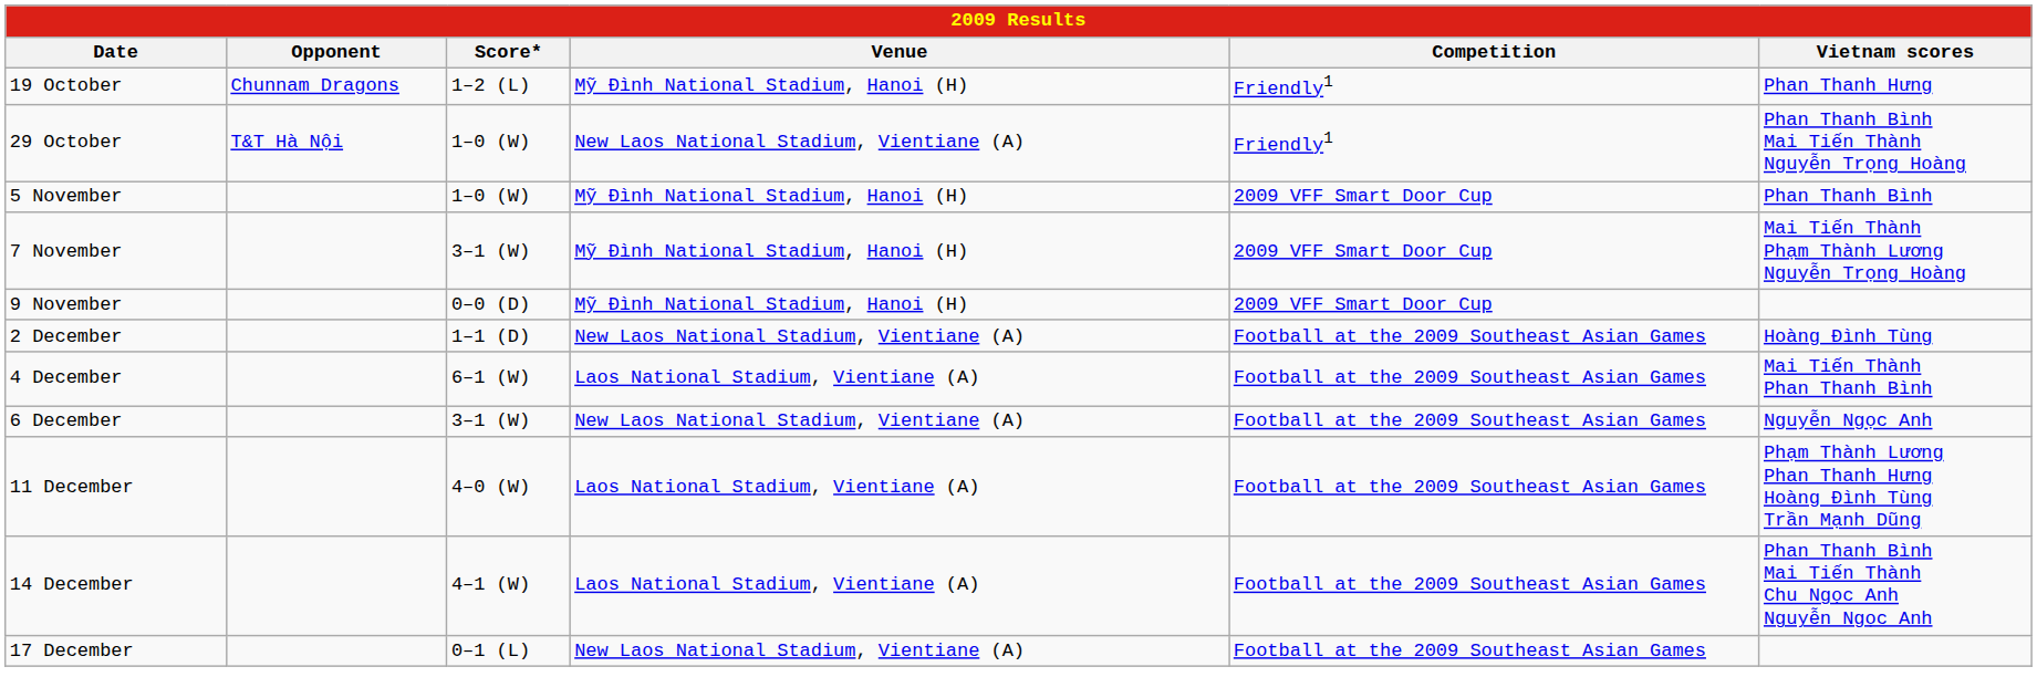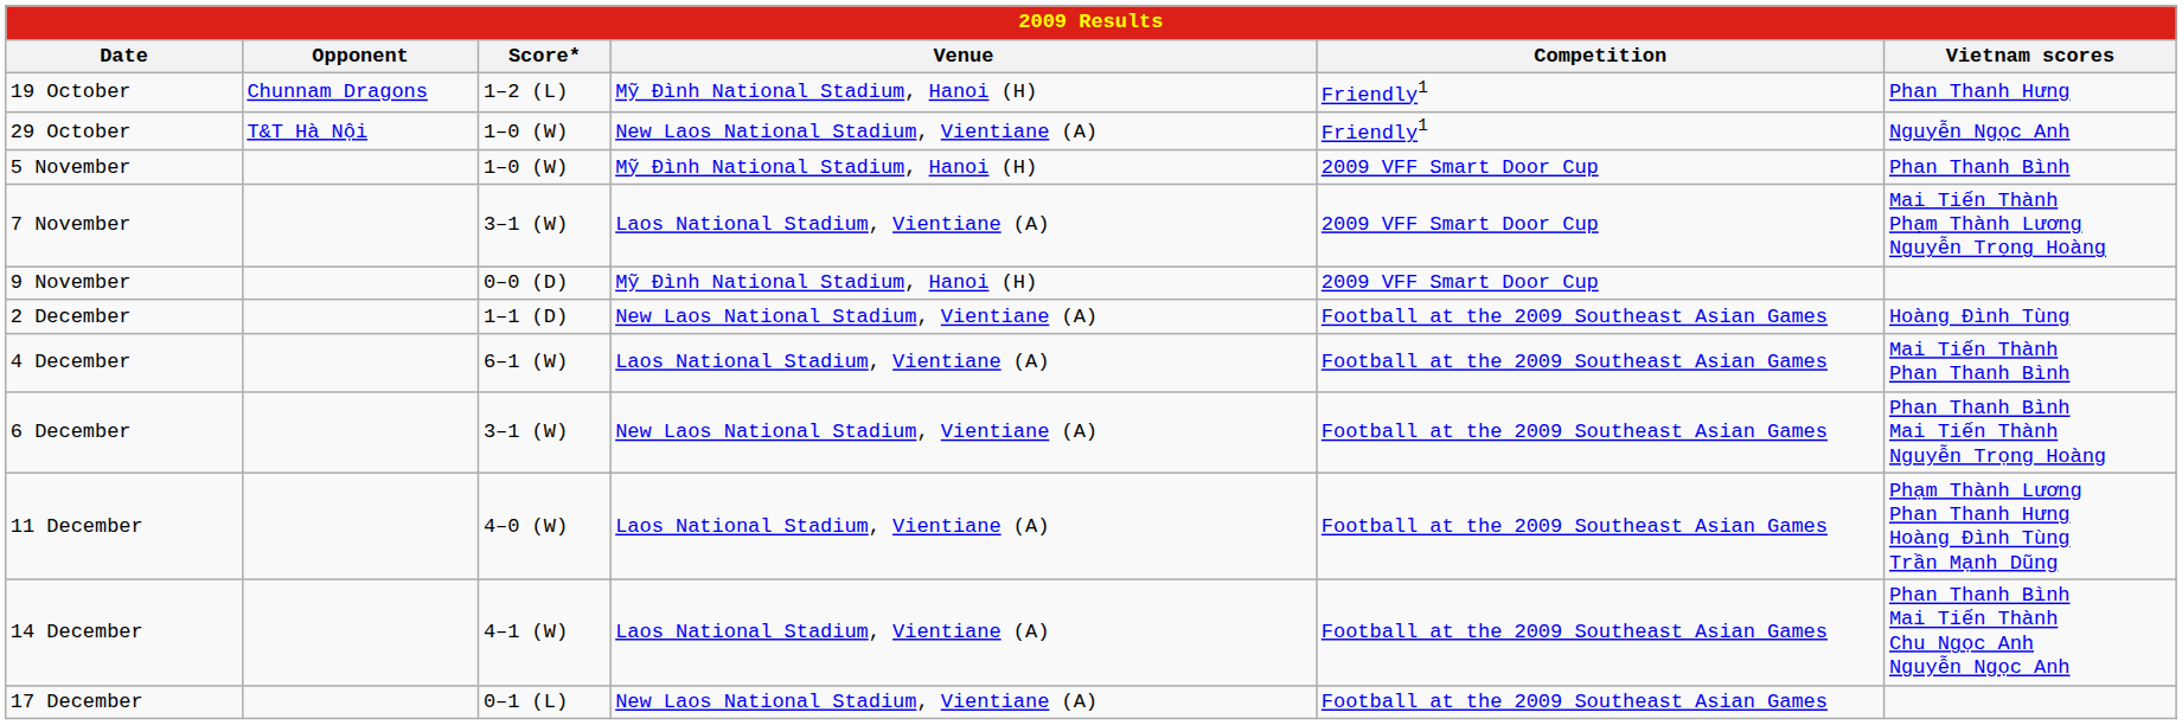 <table class="wikitable" width=100% style="text-align:left;font-size:90%;">
 <tr>
 <th colspan=9 style="background: #DB2017; color: #FFFF00;">2009 Results</th>
 </tr>
 <tr>
 <th width=80>Date</th>
 <th width=80>Opponent</th>
 <th width=20>Score*</th>
 <th width=250>Venue</th>
 <th width=200>Competition</th>
 <th width=100>Vietnam scores</th>
 </tr>
 <tr>
 <td>19 October</td>
 <td> <a href='#'>Chunnam Dragons</a></td>
 <td>1–2 (L)</td>
 <td><a href='#'>Mỹ Đình National Stadium</a>, <a href='#'>Hanoi</a> (H)</td>
 <td><a href='#'>Friendly</a><sup>1</sup></td>
 <td><a href='#'>Phan Thanh Hưng</a> </td>
 </tr>
 <tr>
 <td>29 October</td>
 <td> <a href='#'>T&T Hà Nội</a></td>
 <td>1–0 (W)</td>
 <td><a href='#'>New Laos National Stadium</a>, <a href='#'>Vientiane</a> (A)</td>
 <td><a href='#'>Friendly</a><sup>1</sup></td>
-<td><a href='#'>Phan Thanh Bình</a> <br><a href='#'>Mai Tiến Thành</a> <br><a href='#'>Nguyễn Trọng Hoàng</a> </td>
+<td><a href='#'>Nguyễn Ngọc Anh</a> </td>
 </tr>
 <tr>
 <td>5 November</td>
 <td></td>
 <td>1–0 (W)</td>
 <td><a href='#'>Mỹ Đình National Stadium</a>, <a href='#'>Hanoi</a> (H)</td>
 <td><a href='#'>2009 VFF Smart Door Cup</a></td>
 <td><a href='#'>Phan Thanh Bình</a> </td>
 </tr>
 <tr>
 <td>7 November</td>
 <td></td>
 <td>3–1 (W)</td>
-<td><a href='#'>Mỹ Đình National Stadium</a>, <a href='#'>Hanoi</a> (H)</td>
+<td><a href='#'>Laos National Stadium</a>, <a href='#'>Vientiane</a> (A)</td>
 <td><a href='#'>2009 VFF Smart Door Cup</a></td>
 <td><a href='#'>Mai Tiến Thành</a> <br><a href='#'>Phạm Thành Lương</a> <br><a href='#'>Nguyễn Trọng Hoàng</a> </td>
 </tr>
 <tr>
 <td>9 November</td>
 <td></td>
 <td>0–0 (D)</td>
 <td><a href='#'>Mỹ Đình National Stadium</a>, <a href='#'>Hanoi</a> (H)</td>
 <td><a href='#'>2009 VFF Smart Door Cup</a></td>
 <td></td>
 </tr>
 <tr>
 <td>2 December</td>
 <td></td>
 <td>1–1 (D)</td>
 <td><a href='#'>New Laos National Stadium</a>, <a href='#'>Vientiane</a> (A)</td>
 <td><a href='#'>Football at the 2009 Southeast Asian Games</a></td>
 <td><a href='#'>Hoàng Đình Tùng</a> </td>
 </tr>
 <tr>
 <td>4 December</td>
 <td></td>
 <td>6–1 (W)</td>
 <td><a href='#'>Laos National Stadium</a>, <a href='#'>Vientiane</a> (A)</td>
 <td><a href='#'>Football at the 2009 Southeast Asian Games</a></td>
 <td><a href='#'>Mai Tiến Thành</a> <br><a href='#'>Phan Thanh Bình</a> </td>
 </tr>
 <tr>
 <td>6 December</td>
 <td></td>
 <td>3–1 (W)</td>
 <td><a href='#'>New Laos National Stadium</a>, <a href='#'>Vientiane</a> (A)</td>
 <td><a href='#'>Football at the 2009 Southeast Asian Games</a></td>
-<td><a href='#'>Nguyễn Ngọc Anh</a> </td>
+<td><a href='#'>Phan Thanh Bình</a> <br><a href='#'>Mai Tiến Thành</a> <br><a href='#'>Nguyễn Trọng Hoàng</a> </td>
 </tr>
 <tr>
 <td>11 December</td>
 <td></td>
 <td>4–0 (W)</td>
 <td><a href='#'>Laos National Stadium</a>, <a href='#'>Vientiane</a> (A)</td>
 <td><a href='#'>Football at the 2009 Southeast Asian Games</a></td>
 <td><a href='#'>Phạm Thành Lương</a> <br><a href='#'>Phan Thanh Hưng</a> <br><a href='#'>Hoàng Đình Tùng</a> <br><a href='#'>Trần Mạnh Dũng</a> </td>
 </tr>
 <tr>
 <td>14 December</td>
 <td></td>
 <td>4–1 (W)</td>
 <td><a href='#'>Laos National Stadium</a>, <a href='#'>Vientiane</a> (A)</td>
 <td><a href='#'>Football at the 2009 Southeast Asian Games</a></td>
 <td><a href='#'>Phan Thanh Bình</a> <br><a href='#'>Mai Tiến Thành</a> <br><a href='#'>Chu Ngọc Anh</a> <br><a href='#'>Nguyễn Ngọc Anh</a> </td>
 </tr>
 <tr>
 <td>17 December</td>
 <td></td>
 <td>0–1 (L)</td>
 <td><a href='#'>New Laos National Stadium</a>, <a href='#'>Vientiane</a> (A)</td>
 <td><a href='#'>Football at the 2009 Southeast Asian Games</a></td>
 <td></td>
 </tr>
 </table>
